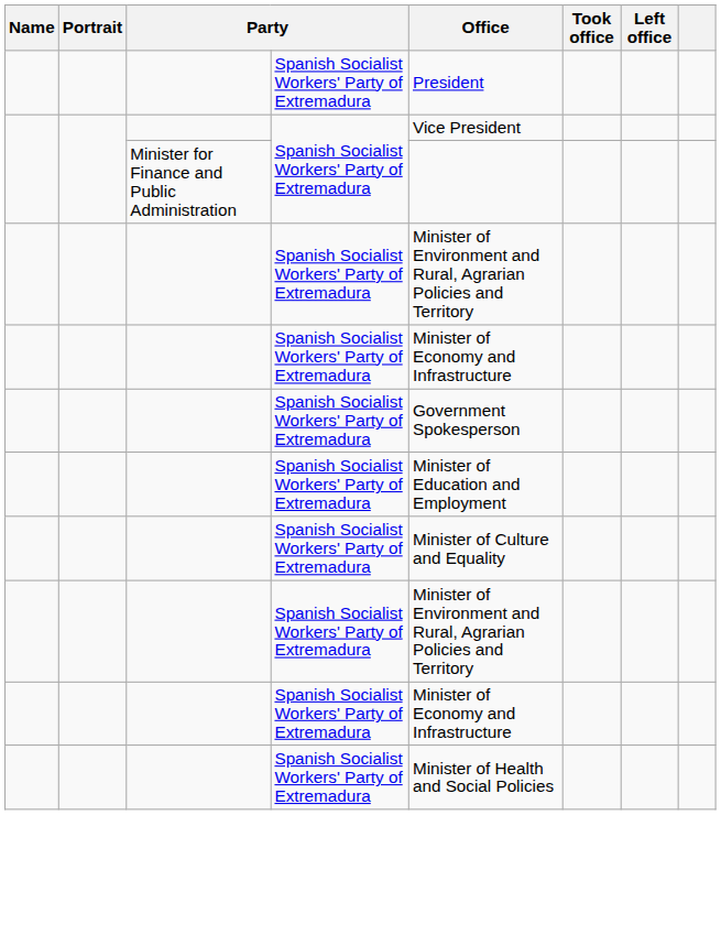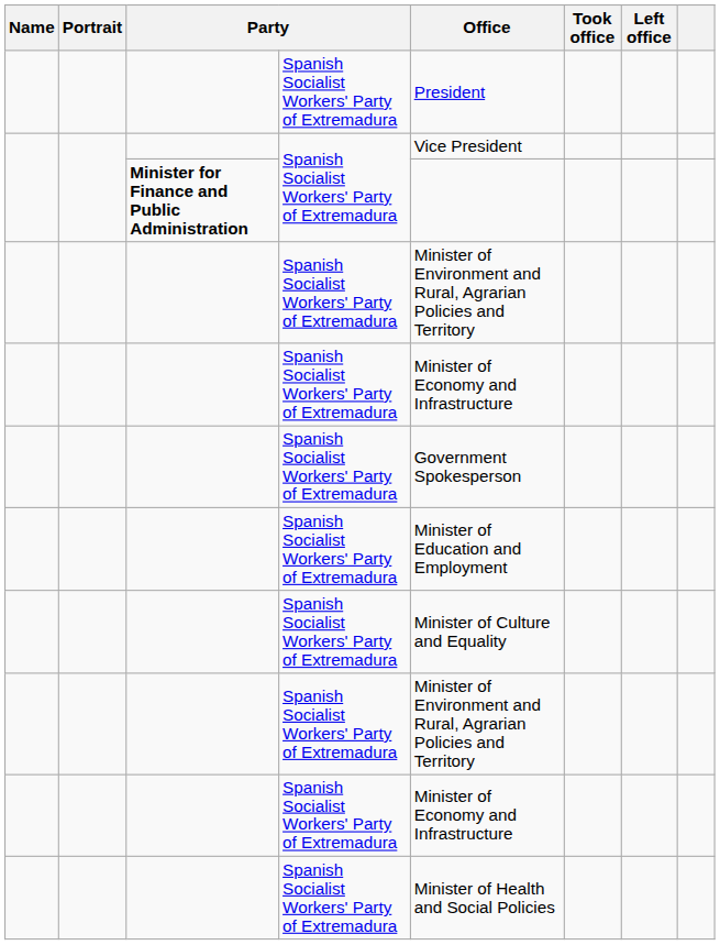 <table class="wikitable plainrowheaders sortable" style="font-size:90%; text-align:left;">
 <tr>
 <th scope=col>Name</th>
 <th scope=col class=unsortable>Portrait</th>
 <th scope=col colspan="2">Party</th>
 <th scope=col width=125px>Office</th>
 <th scope=col>Took office</th>
 <th scope=col>Left office</th>
 <th scope=col width=25px class=unsortable></th>
 </tr>
 <tr>
 <td style="white-space: nowrap;"></td>
 <td align=center></td>
 <td !align="center" style="background:"></td>
 <td><a href='#'>Spanish Socialist Workers' Party of Extremadura</a></td>
 <td><a href='#'>President</a></td>
 <td align=center></td>
 <td align=center></td>
 <td align=center></td>
 </tr>
 <tr>
 <td style="white-space: nowrap;" rowspan=2></td>
 <td align=center rowspan=2></td>
 <td !align="center" style="background:"></td>
 <td rowspan=2><a href='#'>Spanish Socialist Workers' Party of Extremadura</a></td>
 <td>Vice President</td>
 <td align=center></td>
 <td align=center></td>
 <td align=center></td>
 </tr>
 <tr>
-<td>Minister for Finance and Public Administration</td>
+<td><strong>Minister for Finance and Public Administration</strong></td>
 <td align=center></td>
 <td align=center></td>
 <td align=center></td>
 </tr>
 <tr>
 <td style="white-space: nowrap;"></td>
 <td align=center></td>
 <td !align="center" style="background:"></td>
 <td><a href='#'>Spanish Socialist Workers' Party of Extremadura</a></td>
 <td>Minister of Environment and Rural, Agrarian Policies and Territory</td>
 <td align=center></td>
 <td align=center></td>
 <td align=center></td>
 </tr>
 <tr>
 <td style="white-space: nowrap;"></td>
 <td align=center></td>
 <td !align="center" style="background:"></td>
 <td><a href='#'>Spanish Socialist Workers' Party of Extremadura</a></td>
 <td>Minister of Economy and Infrastructure</td>
 <td align=center></td>
 <td align=center></td>
 <td align=center></td>
 </tr>
 <tr>
 <td style="white-space: nowrap;"></td>
 <td align=center></td>
 <td !align="center" style="background:"></td>
 <td><a href='#'>Spanish Socialist Workers' Party of Extremadura</a></td>
 <td>Government Spokesperson</td>
 <td align=center></td>
 <td align=center></td>
 <td align=center></td>
 </tr>
 <tr>
 <td style="white-space: nowrap;"></td>
 <td align=center></td>
 <td !align="center" style="background:"></td>
 <td><a href='#'>Spanish Socialist Workers' Party of Extremadura</a></td>
 <td>Minister of Education and Employment</td>
 <td align=center></td>
 <td align=center></td>
 <td align=center></td>
 </tr>
 <tr>
 <td style="white-space: nowrap;"></td>
 <td align=center></td>
 <td !align="center" style="background:"></td>
 <td><a href='#'>Spanish Socialist Workers' Party of Extremadura</a></td>
 <td>Minister of Culture and Equality</td>
 <td align=center></td>
 <td align=center></td>
 <td align=center></td>
 </tr>
 <tr>
 <td style="white-space: nowrap;"></td>
 <td align=center></td>
 <td !align="center" style="background:"></td>
 <td><a href='#'>Spanish Socialist Workers' Party of Extremadura</a></td>
 <td>Minister of Environment and Rural, Agrarian Policies and Territory</td>
 <td align=center></td>
 <td align=center></td>
 <td align=center></td>
 </tr>
 <tr>
 <td style="white-space: nowrap;"></td>
 <td align=center></td>
 <td !align="center" style="background:"></td>
 <td><a href='#'>Spanish Socialist Workers' Party of Extremadura</a></td>
 <td>Minister of Economy and Infrastructure</td>
 <td align=center></td>
 <td align=center></td>
 <td align=center></td>
 </tr>
 <tr>
 <td style="white-space: nowrap;"></td>
 <td align=center></td>
 <td !align="center" style="background:"></td>
 <td><a href='#'>Spanish Socialist Workers' Party of Extremadura</a></td>
 <td>Minister of Health and Social Policies</td>
 <td align=center></td>
 <td align=center></td>
 <td align=center></td>
 </tr>
 </table>
